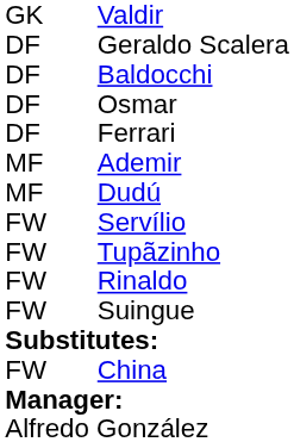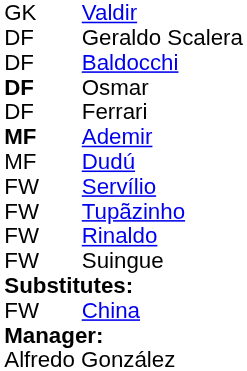 <table style="font-size:90%; margin:0.2em auto;" cellspacing="0" cellpadding="0">
 <tr>
 <th width="25"></th>
 <th width="25"></th>
 </tr>
 <tr>
 <td>GK</td>
 <td></td>
 <td> <a href='#'>Valdir</a></td>
 </tr>
 <tr>
 <td>DF</td>
 <td></td>
 <td> Geraldo Scalera</td>
 </tr>
 <tr>
 <td>DF</td>
 <td></td>
 <td> <a href='#'>Baldocchi</a></td>
 </tr>
 <tr>
-<td>DF</td>
+<td><strong>DF</strong></td>
 <td></td>
 <td> Osmar</td>
 </tr>
 <tr>
 <td>DF</td>
 <td></td>
 <td> Ferrari</td>
 </tr>
 <tr>
-<td>MF</td>
+<td><strong>MF</strong></td>
 <td></td>
 <td> <a href='#'>Ademir</a></td>
 </tr>
 <tr>
 <td>MF</td>
 <td></td>
 <td> <a href='#'>Dudú</a></td>
 </tr>
 <tr>
 <td>FW</td>
 <td></td>
 <td> <a href='#'>Servílio</a> </td>
 </tr>
 <tr>
 <td>FW</td>
 <td></td>
 <td> <a href='#'>Tupãzinho</a></td>
 </tr>
 <tr>
 <td>FW</td>
 <td></td>
 <td> <a href='#'>Rinaldo</a></td>
 </tr>
 <tr>
 <td>FW</td>
 <td></td>
 <td> Suingue</td>
 </tr>
 <tr>
 <td colspan=3><strong>Substitutes:</strong></td>
 </tr>
 <tr>
 <td>FW</td>
 <td></td>
 <td> <a href='#'>China</a> </td>
 </tr>
 <tr>
 <td colspan=3><strong>Manager:</strong></td>
 </tr>
 <tr>
 <td colspan=4> Alfredo González</td>
 </tr>
 </table>
